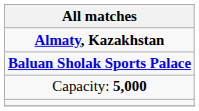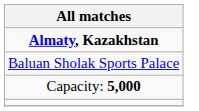 <table class="wikitable" style="text-align:center;">
 <tr>
 <th colspan=2>All matches</th>
 </tr>
 <tr>
 <td><strong><a href='#'>Almaty</a>, Kazakhstan</strong></td>
 </tr>
 <tr>
-<td><strong><a href='#'>Baluan Sholak Sports Palace</a></strong></td>
+<td><a href='#'>Baluan Sholak Sports Palace</a></td>
 </tr>
 <tr>
 <td>Capacity: <strong>5,000</strong></td>
 </tr>
 <tr>
 <td></td>
 </tr>
 <tr>
 </tr>
 </table>
